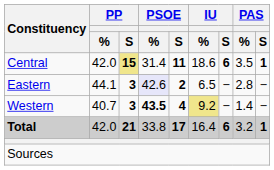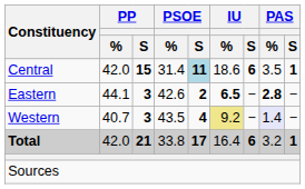 <table class="wikitable sortable" style="text-align:right; line-height:20px;">
 <tr>
 <th rowspan="3">Constituency</th>
 <th colspan="2" width="30px" class="unsortable"><a href='#'>PP</a></th>
 <th colspan="2" width="30px" class="unsortable"><a href='#'>PSOE</a></th>
 <th colspan="2" width="30px" class="unsortable"><a href='#'>IU</a></th>
 <th colspan="2" width="30px" class="unsortable"><a href='#'>PAS</a></th>
 </tr>
 <tr>
 <th colspan="2" style="background:"></th>
 <th colspan="2" style="background:"></th>
 <th colspan="2" style="background:"></th>
 <th colspan="2" style="background:"></th>
 </tr>
 <tr>
 <th data-sort-type="number">%</th>
 <th data-sort-type="number">S</th>
 <th data-sort-type="number">%</th>
 <th data-sort-type="number">S</th>
 <th data-sort-type="number">%</th>
 <th data-sort-type="number">S</th>
 <th data-sort-type="number">%</th>
 <th data-sort-type="number">S</th>
 </tr>
 <tr>
 <td align="left"><a href='#'>Central</a></td>
 <td style="background:">42.0</td>
-<td style="background: khaki;"><strong>15</strong></td>
+<td><strong>15</strong></td>
 <td>31.4</td>
-<td><strong>11</strong></td>
+<td style="background: lightblue;"><strong>11</strong></td>
 <td>18.6</td>
 <td><strong>6</strong></td>
 <td>3.5</td>
 <td><strong>1</strong></td>
 </tr>
 <tr>
 <td align="left"><a href='#'>Eastern</a></td>
 <td style="background:">44.1</td>
 <td><strong>3</strong></td>
-<td style="background: lavender;">42.6</td>
+<td>42.6</td>
 <td><strong>2</strong></td>
-<td>6.5</td>
+<td><strong>6.5</strong></td>
 <td>−</td>
-<td>2.8</td>
+<td><strong>2.8</strong></td>
 <td>−</td>
 </tr>
 <tr>
 <td align="left"><a href='#'>Western</a></td>
 <td>40.7</td>
 <td><strong>3</strong></td>
-<td style="background:"><strong>43.5</strong></td>
+<td style="background:">43.5</td>
 <td><strong>4</strong></td>
 <td style="background: khaki;">9.2</td>
 <td>−</td>
-<td>1.4</td>
+<td style="background: lavender;">1.4</td>
 <td>−</td>
 </tr>
 <tr style="background:#CDCDCD;">
 <td align="left"><strong>Total</strong></td>
 <td style="background:">42.0</td>
 <td><strong>21</strong></td>
 <td>33.8</td>
 <td><strong>17</strong></td>
 <td>16.4</td>
 <td><strong>6</strong></td>
 <td>3.2</td>
 <td><strong>1</strong></td>
 </tr>
 <tr>
 <th colspan="9"></th>
 </tr>
 <tr>
 <th style="text-align:left; font-weight:normal; background:#F9F9F9" colspan="9">Sources</th>
 </tr>
 </table>
